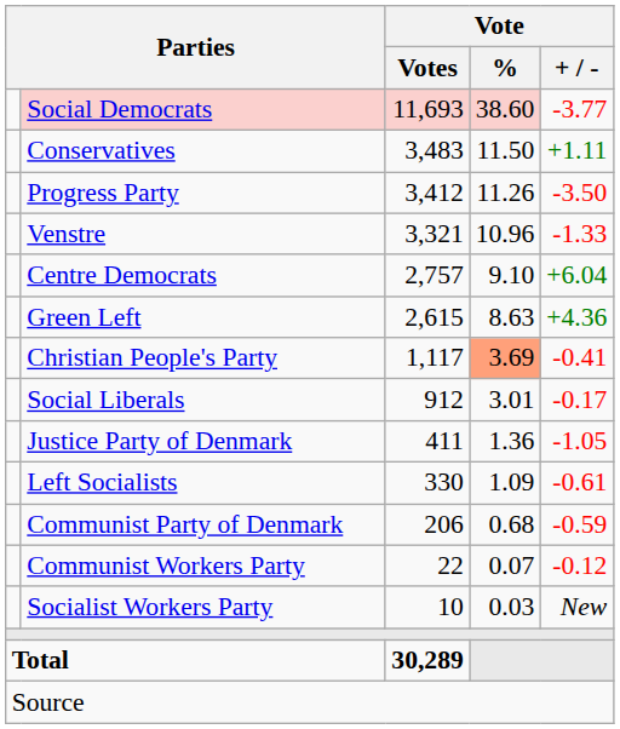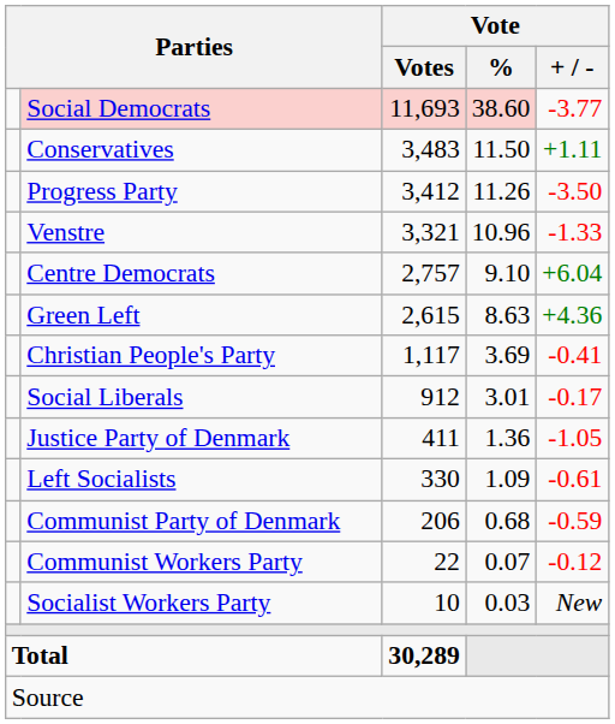 <table class="wikitable" style="text-align:right;">
 <tr>
 <th style="text-align:centre;" rowspan="2" colspan="2" width="225">Parties</th>
 <th colspan="3">Vote</th>
 </tr>
 <tr>
 <th width="15">Votes</th>
 <th width="15">%</th>
 <th width="15">+ / -</th>
 </tr>
 <tr>
 <td width="2" style="color:inherit;background:"></td>
 <td bgcolor=#fbd0ce  align="left"><a href='#'>Social Democrats</a></td>
 <td bgcolor=#fbd0ce>11,693</td>
 <td bgcolor=#fbd0ce>38.60</td>
 <td style=color:red;>-3.77</td>
 </tr>
 <tr>
 <td width="2" style="color:inherit;background:"></td>
 <td align="left"><a href='#'>Conservatives</a></td>
 <td>3,483</td>
 <td>11.50</td>
 <td style=color:green;>+1.11</td>
 </tr>
 <tr>
 <td width="2" style="color:inherit;background:"></td>
 <td align="left"><a href='#'>Progress Party</a></td>
 <td>3,412</td>
 <td>11.26</td>
 <td style=color:red;>-3.50</td>
 </tr>
 <tr>
 <td width="2" style="color:inherit;background:"></td>
 <td align="left"><a href='#'>Venstre</a></td>
 <td>3,321</td>
 <td>10.96</td>
 <td style=color:red;>-1.33</td>
 </tr>
 <tr>
 <td width="2" style="color:inherit;background:"></td>
 <td align="left"><a href='#'>Centre Democrats</a></td>
 <td>2,757</td>
 <td>9.10</td>
 <td style=color:green;>+6.04</td>
 </tr>
 <tr>
 <td width="2" style="color:inherit;background:"></td>
 <td align="left"><a href='#'>Green Left</a></td>
 <td>2,615</td>
 <td>8.63</td>
 <td style=color:green;>+4.36</td>
 </tr>
 <tr>
 <td width="2" style="color:inherit;background:"></td>
 <td align="left"><a href='#'>Christian People's Party</a></td>
 <td>1,117</td>
-<td style="background: lightsalmon;">3.69</td>
+<td>3.69</td>
 <td style=color:red;>-0.41</td>
 </tr>
 <tr>
 <td width="2" style="color:inherit;background:"></td>
 <td align="left"><a href='#'>Social Liberals</a></td>
 <td>912</td>
 <td>3.01</td>
 <td style=color:red;>-0.17</td>
 </tr>
 <tr>
 <td width="2" style="color:inherit;background:"></td>
 <td align="left"><a href='#'>Justice Party of Denmark</a></td>
 <td>411</td>
 <td>1.36</td>
 <td style=color:red;>-1.05</td>
 </tr>
 <tr>
 <td width="2" style="color:inherit;background:"></td>
 <td align="left"><a href='#'>Left Socialists</a></td>
 <td>330</td>
 <td>1.09</td>
 <td style=color:red;>-0.61</td>
 </tr>
 <tr>
 <td width="2" style="color:inherit;background:"></td>
 <td align="left"><a href='#'>Communist Party of Denmark</a></td>
 <td>206</td>
 <td>0.68</td>
 <td style=color:red;>-0.59</td>
 </tr>
 <tr>
 <td width="2" style="color:inherit;background:"></td>
 <td align="left"><a href='#'>Communist Workers Party</a></td>
 <td>22</td>
 <td>0.07</td>
 <td style=color:red;>-0.12</td>
 </tr>
 <tr>
 <td width="2" style="color:inherit;background:"></td>
 <td align="left"><a href='#'>Socialist Workers Party</a></td>
 <td>10</td>
 <td>0.03</td>
 <td><em>New</em></td>
 </tr>
 <tr>
 <td colspan="7" bgcolor="#E9E9E9"></td>
 </tr>
 <tr>
 <td align="left" colspan="2"><strong>Total</strong></td>
 <td><strong>30,289</strong></td>
 <td bgcolor="#E9E9E9" colspan="2"></td>
 </tr>
 <tr>
 <td align="left" colspan="6">Source</td>
 </tr>
 </table>
